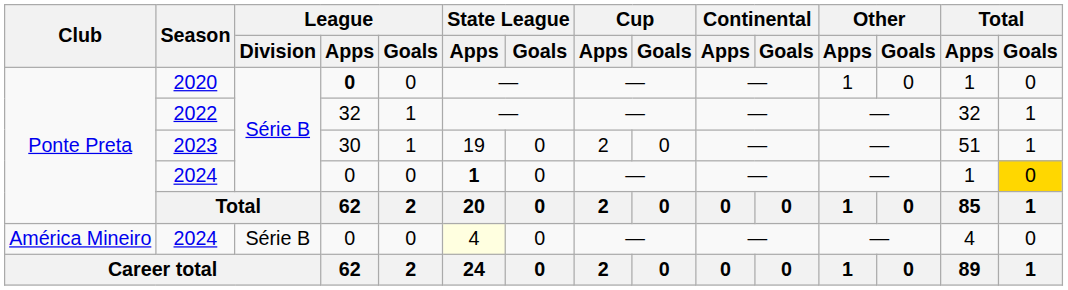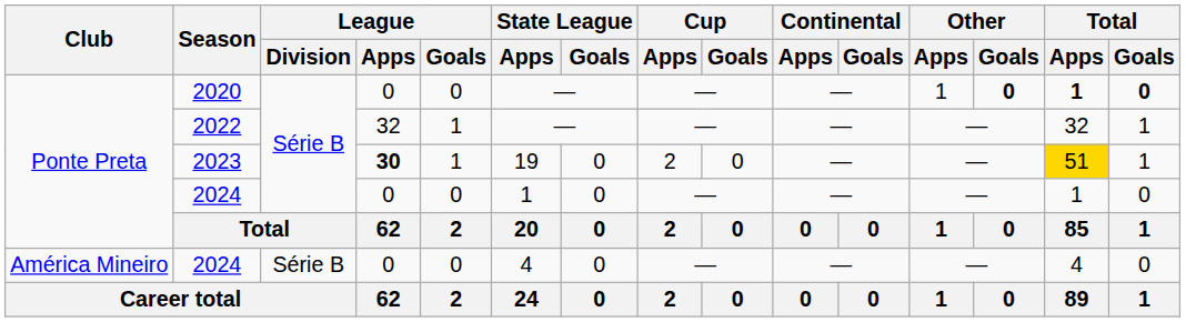 <table class="wikitable" style="text-align: center;">
 <tr>
 <th rowspan="2">Club</th>
 <th rowspan="2">Season</th>
 <th colspan="3">League</th>
 <th colspan="2">State League</th>
 <th colspan="2">Cup</th>
 <th colspan="2">Continental</th>
 <th colspan="2">Other</th>
 <th colspan="2">Total</th>
 </tr>
 <tr>
 <th>Division</th>
 <th>Apps</th>
 <th>Goals</th>
 <th>Apps</th>
 <th>Goals</th>
 <th>Apps</th>
 <th>Goals</th>
 <th>Apps</th>
 <th>Goals</th>
 <th>Apps</th>
 <th>Goals</th>
 <th>Apps</th>
 <th>Goals</th>
 </tr>
 <tr>
 <td rowspan="5" valign="center"><a href='#'>Ponte Preta</a></td>
 <td><a href='#'>2020</a></td>
 <td rowspan="4"><a href='#'>Série B</a></td>
-<td><strong>0</strong></td>
+<td>0</td>
 <td>0</td>
 <td colspan="2">—</td>
 <td colspan="2">—</td>
 <td colspan="2">—</td>
 <td>1</td>
-<td>0</td>
-<td>1</td>
-<td>0</td>
+<td><strong>0</strong></td>
+<td><strong>1</strong></td>
+<td><strong>0</strong></td>
 </tr>
 <tr>
 <td><a href='#'>2022</a></td>
 <td>32</td>
 <td>1</td>
 <td colspan="2">—</td>
 <td colspan="2">—</td>
 <td colspan="2">—</td>
 <td colspan="2">—</td>
 <td>32</td>
 <td>1</td>
 </tr>
 <tr>
 <td><a href='#'>2023</a></td>
-<td>30</td>
+<td><strong>30</strong></td>
 <td>1</td>
 <td>19</td>
 <td>0</td>
 <td>2</td>
 <td>0</td>
 <td colspan="2">—</td>
 <td colspan="2">—</td>
-<td>51</td>
+<td style="background: gold;">51</td>
 <td>1</td>
 </tr>
 <tr>
 <td><a href='#'>2024</a></td>
 <td>0</td>
 <td>0</td>
-<td><strong>1</strong></td>
+<td>1</td>
 <td>0</td>
 <td colspan="2">—</td>
 <td colspan="2">—</td>
 <td colspan="2">—</td>
 <td>1</td>
-<td style="background: gold;">0</td>
+<td>0</td>
 </tr>
 <tr>
 <th colspan="2">Total</th>
 <th>62</th>
 <th>2</th>
 <th>20</th>
 <th>0</th>
 <th>2</th>
 <th>0</th>
 <th>0</th>
 <th>0</th>
 <th>1</th>
 <th>0</th>
 <th>85</th>
 <th>1</th>
 </tr>
 <tr>
 <td><a href='#'>América Mineiro</a></td>
 <td><a href='#'>2024</a></td>
 <td>Série B</td>
 <td>0</td>
 <td>0</td>
-<td style="background: lightyellow;">4</td>
+<td>4</td>
 <td>0</td>
 <td colspan="2">—</td>
 <td colspan="2">—</td>
 <td colspan="2">—</td>
 <td>4</td>
 <td>0</td>
 </tr>
 <tr>
 <th colspan="3"><strong>Career total</strong></th>
 <th>62</th>
 <th>2</th>
 <th>24</th>
 <th>0</th>
 <th>2</th>
 <th>0</th>
 <th>0</th>
 <th>0</th>
 <th>1</th>
 <th>0</th>
 <th>89</th>
 <th>1</th>
 </tr>
 </table>
